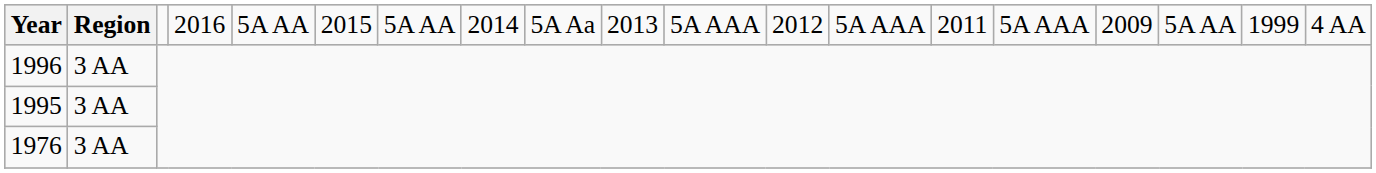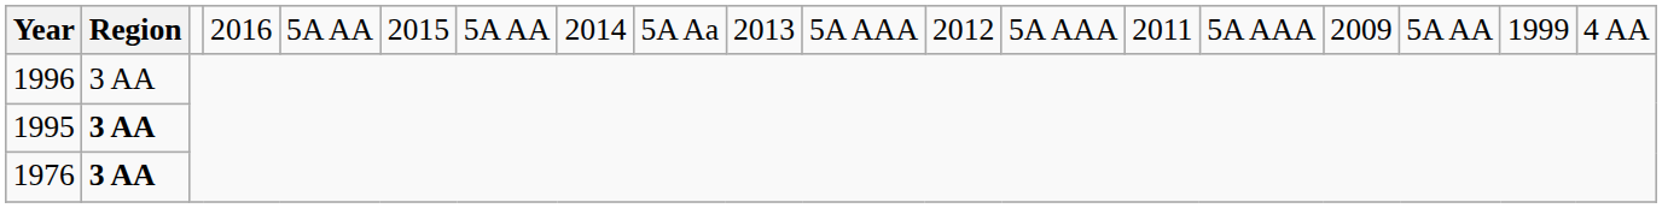 <table class="wikitable">
 <tr>
 <th>Year</th>
 <th>Region</th>
 <td 2017></td>
 <td>2016</td>
 <td>5A AA</td>
 <td>2015</td>
 <td>5A AA</td>
 <td>2014</td>
 <td>5A Aa</td>
 <td>2013</td>
 <td>5A AAA</td>
 <td>2012</td>
 <td>5A AAA</td>
 <td>2011</td>
 <td>5A AAA</td>
 <td>2009</td>
 <td>5A AA</td>
 <td>1999</td>
 <td>4 AA</td>
 </tr>
 <tr>
 <td>1996</td>
 <td>3 AA</td>
 </tr>
 <tr>
 <td>1995</td>
-<td>3 AA</td>
+<td><strong>3 AA</strong></td>
 </tr>
 <tr>
 <td>1976</td>
-<td>3 AA</td>
+<td><strong>3 AA</strong></td>
 </tr>
 </table>
